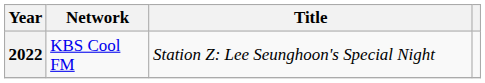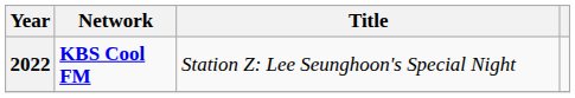 <table class="wikitable sortable plainrowheaders">
 <tr>
 <th>Year</th>
 <th style="width:5.6em;">Network</th>
 <th style="width:18.6em;">Title</th>
 <th scope="col" class="unsortable"></th>
 </tr>
 <tr>
 <th scope="row">2022</th>
-<td><a href='#'>KBS Cool FM</a></td>
+<td><strong><a href='#'>KBS Cool FM</a></strong></td>
 <td><em>Station Z: Lee Seunghoon's Special Night</em></td>
 <td style="text-align:center"></td>
 </tr>
 <tr>
 </tr>
 </table>
